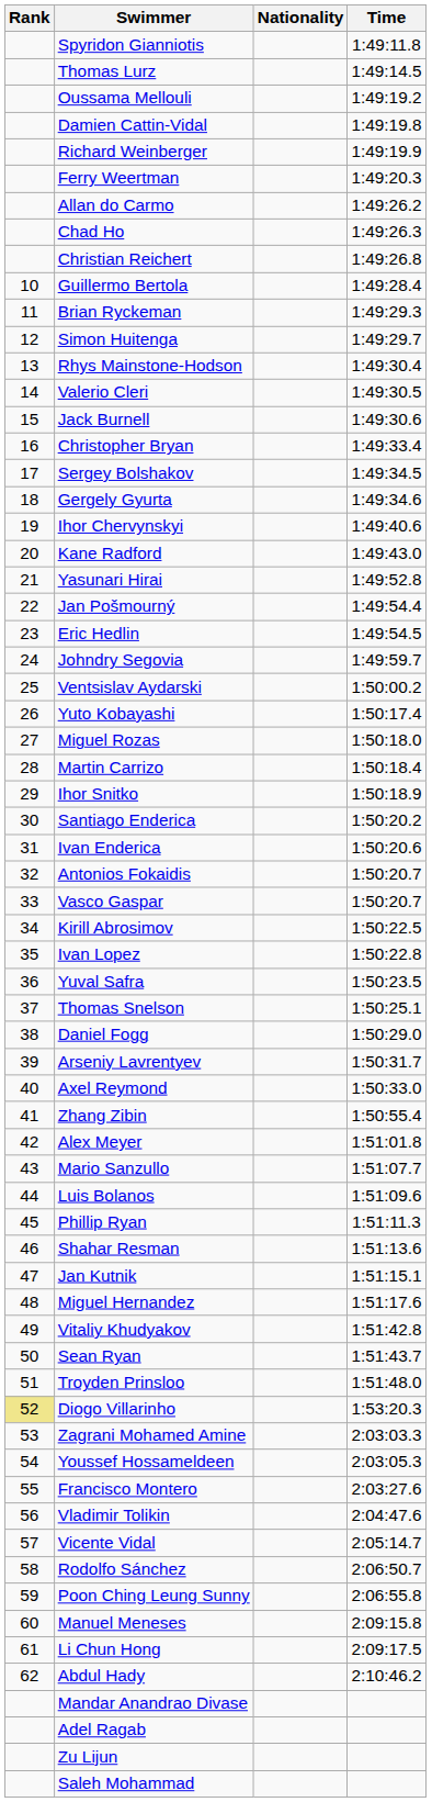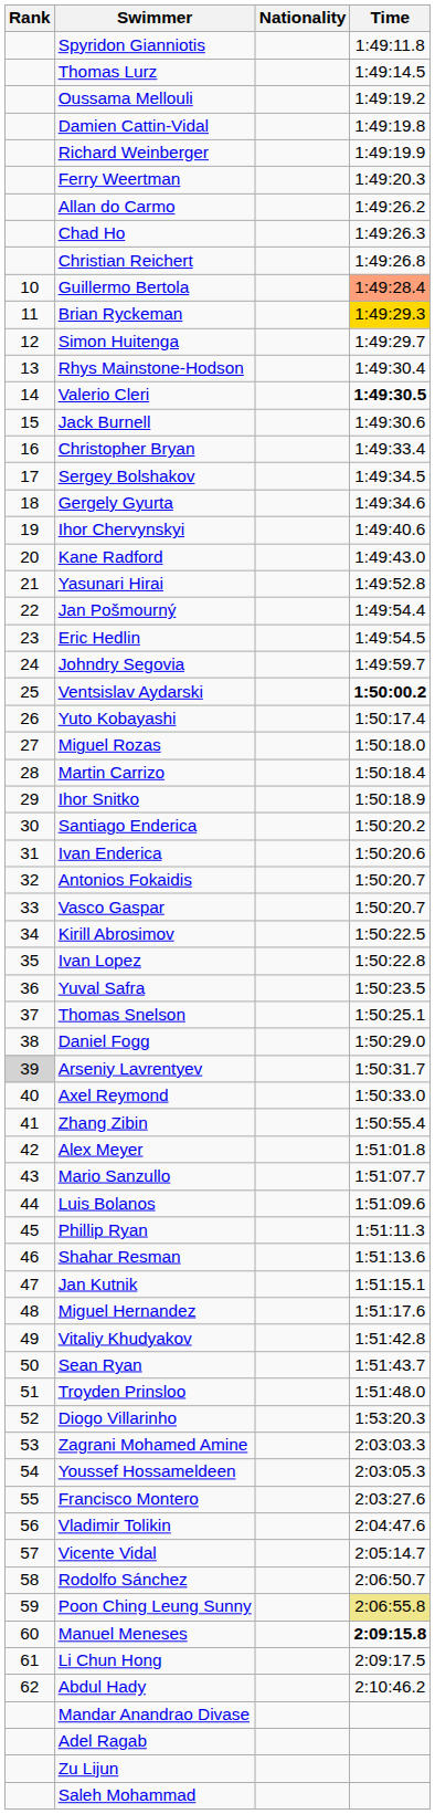 <table class="wikitable sortable" border="1" style="text-align:center">
 <tr>
 <th>Rank</th>
 <th>Swimmer</th>
 <th>Nationality</th>
 <th>Time</th>
 </tr>
 <tr>
 <td></td>
 <td align=left><a href='#'>Spyridon Gianniotis</a></td>
 <td align=left></td>
 <td>1:49:11.8</td>
 </tr>
 <tr>
 <td></td>
 <td align=left><a href='#'>Thomas Lurz</a></td>
 <td align=left></td>
 <td>1:49:14.5</td>
 </tr>
 <tr>
 <td></td>
 <td align=left><a href='#'>Oussama Mellouli</a></td>
 <td align=left></td>
 <td>1:49:19.2</td>
 </tr>
 <tr>
 <td></td>
 <td align=left><a href='#'>Damien Cattin-Vidal</a></td>
 <td align=left></td>
 <td>1:49:19.8</td>
 </tr>
 <tr>
 <td></td>
 <td align=left><a href='#'>Richard Weinberger</a></td>
 <td align=left></td>
 <td>1:49:19.9</td>
 </tr>
 <tr>
 <td></td>
 <td align=left><a href='#'>Ferry Weertman</a></td>
 <td align=left></td>
 <td>1:49:20.3</td>
 </tr>
 <tr>
 <td></td>
 <td align=left><a href='#'>Allan do Carmo</a></td>
 <td align=left></td>
 <td>1:49:26.2</td>
 </tr>
 <tr>
 <td></td>
 <td align=left><a href='#'>Chad Ho</a></td>
 <td align=left></td>
 <td>1:49:26.3</td>
 </tr>
 <tr>
 <td></td>
 <td align=left><a href='#'>Christian Reichert</a></td>
 <td align=left></td>
 <td>1:49:26.8</td>
 </tr>
 <tr>
 <td>10</td>
 <td align=left><a href='#'>Guillermo Bertola</a></td>
 <td align=left></td>
-<td>1:49:28.4</td>
+<td style="background: lightsalmon;">1:49:28.4</td>
 </tr>
 <tr>
 <td>11</td>
 <td align=left><a href='#'>Brian Ryckeman</a></td>
 <td align=left></td>
-<td>1:49:29.3</td>
+<td style="background: gold;">1:49:29.3</td>
 </tr>
 <tr>
 <td>12</td>
 <td align=left><a href='#'>Simon Huitenga</a></td>
 <td align=left></td>
 <td>1:49:29.7</td>
 </tr>
 <tr>
 <td>13</td>
 <td align=left><a href='#'>Rhys Mainstone-Hodson</a></td>
 <td align=left></td>
 <td>1:49:30.4</td>
 </tr>
 <tr>
 <td>14</td>
 <td align=left><a href='#'>Valerio Cleri</a></td>
 <td align=left></td>
-<td>1:49:30.5</td>
+<td><strong>1:49:30.5</strong></td>
 </tr>
 <tr>
 <td>15</td>
 <td align=left><a href='#'>Jack Burnell</a></td>
 <td align=left></td>
 <td>1:49:30.6</td>
 </tr>
 <tr>
 <td>16</td>
 <td align=left><a href='#'>Christopher Bryan</a></td>
 <td align=left></td>
 <td>1:49:33.4</td>
 </tr>
 <tr>
 <td>17</td>
 <td align=left><a href='#'>Sergey Bolshakov</a></td>
 <td align=left></td>
 <td>1:49:34.5</td>
 </tr>
 <tr>
 <td>18</td>
 <td align=left><a href='#'>Gergely Gyurta</a></td>
 <td align=left></td>
 <td>1:49:34.6</td>
 </tr>
 <tr>
 <td>19</td>
 <td align=left><a href='#'>Ihor Chervynskyi</a></td>
 <td align=left></td>
 <td>1:49:40.6</td>
 </tr>
 <tr>
 <td>20</td>
 <td align=left><a href='#'>Kane Radford</a></td>
 <td align=left></td>
 <td>1:49:43.0</td>
 </tr>
 <tr>
 <td>21</td>
 <td align=left><a href='#'>Yasunari Hirai</a></td>
 <td align=left></td>
 <td>1:49:52.8</td>
 </tr>
 <tr>
 <td>22</td>
 <td align=left><a href='#'>Jan Pošmourný</a></td>
 <td align=left></td>
 <td>1:49:54.4</td>
 </tr>
 <tr>
 <td>23</td>
 <td align=left><a href='#'>Eric Hedlin</a></td>
 <td align=left></td>
 <td>1:49:54.5</td>
 </tr>
 <tr>
 <td>24</td>
 <td align=left><a href='#'>Johndry Segovia</a></td>
 <td align=left></td>
 <td>1:49:59.7</td>
 </tr>
 <tr>
 <td>25</td>
 <td align=left><a href='#'>Ventsislav Aydarski</a></td>
 <td align=left></td>
-<td>1:50:00.2</td>
+<td><strong>1:50:00.2</strong></td>
 </tr>
 <tr>
 <td>26</td>
 <td align=left><a href='#'>Yuto Kobayashi</a></td>
 <td align=left></td>
 <td>1:50:17.4</td>
 </tr>
 <tr>
 <td>27</td>
 <td align=left><a href='#'>Miguel Rozas</a></td>
 <td align=left></td>
 <td>1:50:18.0</td>
 </tr>
 <tr>
 <td>28</td>
 <td align=left><a href='#'>Martin Carrizo</a></td>
 <td align=left></td>
 <td>1:50:18.4</td>
 </tr>
 <tr>
 <td>29</td>
 <td align=left><a href='#'>Ihor Snitko</a></td>
 <td align=left></td>
 <td>1:50:18.9</td>
 </tr>
 <tr>
 <td>30</td>
 <td align=left><a href='#'>Santiago Enderica</a></td>
 <td align=left></td>
 <td>1:50:20.2</td>
 </tr>
 <tr>
 <td>31</td>
 <td align=left><a href='#'>Ivan Enderica</a></td>
 <td align=left></td>
 <td>1:50:20.6</td>
 </tr>
 <tr>
 <td>32</td>
 <td align=left><a href='#'>Antonios Fokaidis</a></td>
 <td align=left></td>
 <td>1:50:20.7</td>
 </tr>
 <tr>
 <td>33</td>
 <td align=left><a href='#'>Vasco Gaspar</a></td>
 <td align=left></td>
 <td>1:50:20.7</td>
 </tr>
 <tr>
 <td>34</td>
 <td align=left><a href='#'>Kirill Abrosimov</a></td>
 <td align=left></td>
 <td>1:50:22.5</td>
 </tr>
 <tr>
 <td>35</td>
 <td align=left><a href='#'>Ivan Lopez</a></td>
 <td align=left></td>
 <td>1:50:22.8</td>
 </tr>
 <tr>
 <td>36</td>
 <td align=left><a href='#'>Yuval Safra</a></td>
 <td align=left></td>
 <td>1:50:23.5</td>
 </tr>
 <tr>
 <td>37</td>
 <td align=left><a href='#'>Thomas Snelson</a></td>
 <td align=left></td>
 <td>1:50:25.1</td>
 </tr>
 <tr>
 <td>38</td>
 <td align=left><a href='#'>Daniel Fogg</a></td>
 <td align=left></td>
 <td>1:50:29.0</td>
 </tr>
 <tr>
-<td>39</td>
+<td style="background: lightgrey;">39</td>
 <td align=left><a href='#'>Arseniy Lavrentyev</a></td>
 <td align=left></td>
 <td>1:50:31.7</td>
 </tr>
 <tr>
 <td>40</td>
 <td align=left><a href='#'>Axel Reymond</a></td>
 <td align=left></td>
 <td>1:50:33.0</td>
 </tr>
 <tr>
 <td>41</td>
 <td align=left><a href='#'>Zhang Zibin</a></td>
 <td align=left></td>
 <td>1:50:55.4</td>
 </tr>
 <tr>
 <td>42</td>
 <td align=left><a href='#'>Alex Meyer</a></td>
 <td align=left></td>
 <td>1:51:01.8</td>
 </tr>
 <tr>
 <td>43</td>
 <td align=left><a href='#'>Mario Sanzullo</a></td>
 <td align=left></td>
 <td>1:51:07.7</td>
 </tr>
 <tr>
 <td>44</td>
 <td align=left><a href='#'>Luis Bolanos</a></td>
 <td align=left></td>
 <td>1:51:09.6</td>
 </tr>
 <tr>
 <td>45</td>
 <td align=left><a href='#'>Phillip Ryan</a></td>
 <td align=left></td>
 <td>1:51:11.3</td>
 </tr>
 <tr>
 <td>46</td>
 <td align=left><a href='#'>Shahar Resman</a></td>
 <td align=left></td>
 <td>1:51:13.6</td>
 </tr>
 <tr>
 <td>47</td>
 <td align=left><a href='#'>Jan Kutnik</a></td>
 <td align=left></td>
 <td>1:51:15.1</td>
 </tr>
 <tr>
 <td>48</td>
 <td align=left><a href='#'>Miguel Hernandez</a></td>
 <td align=left></td>
 <td>1:51:17.6</td>
 </tr>
 <tr>
 <td>49</td>
 <td align=left><a href='#'>Vitaliy Khudyakov</a></td>
 <td align=left></td>
 <td>1:51:42.8</td>
 </tr>
 <tr>
 <td>50</td>
 <td align=left><a href='#'>Sean Ryan</a></td>
 <td align=left></td>
 <td>1:51:43.7</td>
 </tr>
 <tr>
 <td>51</td>
 <td align=left><a href='#'>Troyden Prinsloo</a></td>
 <td align=left></td>
 <td>1:51:48.0</td>
 </tr>
 <tr>
-<td style="background: khaki;">52</td>
+<td>52</td>
 <td align=left><a href='#'>Diogo Villarinho</a></td>
 <td align=left></td>
 <td>1:53:20.3</td>
 </tr>
 <tr>
 <td>53</td>
 <td align=left><a href='#'>Zagrani Mohamed Amine</a></td>
 <td align=left></td>
 <td>2:03:03.3</td>
 </tr>
 <tr>
 <td>54</td>
 <td align=left><a href='#'>Youssef Hossameldeen</a></td>
 <td align=left></td>
 <td>2:03:05.3</td>
 </tr>
 <tr>
 <td>55</td>
 <td align=left><a href='#'>Francisco Montero</a></td>
 <td align=left></td>
 <td>2:03:27.6</td>
 </tr>
 <tr>
 <td>56</td>
 <td align=left><a href='#'>Vladimir Tolikin</a></td>
 <td align=left></td>
 <td>2:04:47.6</td>
 </tr>
 <tr>
 <td>57</td>
 <td align=left><a href='#'>Vicente Vidal</a></td>
 <td align=left></td>
 <td>2:05:14.7</td>
 </tr>
 <tr>
 <td>58</td>
 <td align=left><a href='#'>Rodolfo Sánchez</a></td>
 <td align=left></td>
 <td>2:06:50.7</td>
 </tr>
 <tr>
 <td>59</td>
 <td align=left><a href='#'>Poon Ching Leung Sunny</a></td>
 <td align=left></td>
-<td>2:06:55.8</td>
+<td style="background: khaki;">2:06:55.8</td>
 </tr>
 <tr>
 <td>60</td>
 <td align=left><a href='#'>Manuel Meneses</a></td>
 <td align=left></td>
-<td>2:09:15.8</td>
+<td><strong>2:09:15.8</strong></td>
 </tr>
 <tr>
 <td>61</td>
 <td align=left><a href='#'>Li Chun Hong</a></td>
 <td align=left></td>
 <td>2:09:17.5</td>
 </tr>
 <tr>
 <td>62</td>
 <td align=left><a href='#'>Abdul Hady</a></td>
 <td align=left></td>
 <td>2:10:46.2</td>
 </tr>
 <tr>
 <td></td>
 <td align=left><a href='#'>Mandar Anandrao Divase</a></td>
 <td align=left></td>
 <td></td>
 </tr>
 <tr>
 <td></td>
 <td align=left><a href='#'>Adel Ragab</a></td>
 <td align=left></td>
 <td></td>
 </tr>
 <tr>
 <td></td>
 <td align=left><a href='#'>Zu Lijun</a></td>
 <td align=left></td>
 <td></td>
 </tr>
 <tr>
 <td></td>
 <td align=left><a href='#'>Saleh Mohammad</a></td>
 <td align=left></td>
 <td></td>
 </tr>
 </table>
